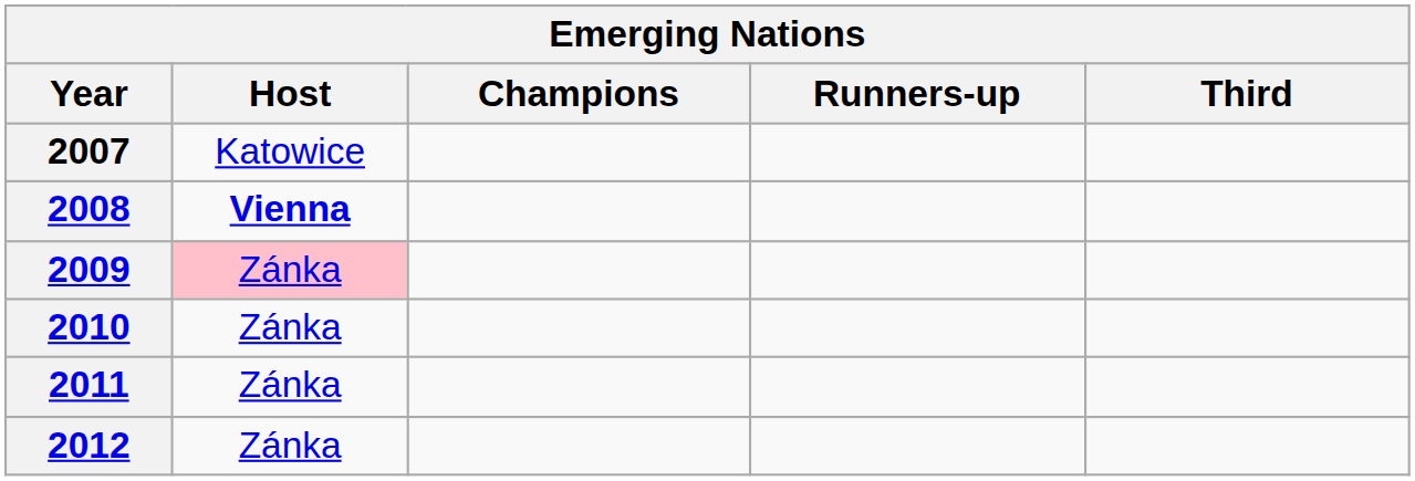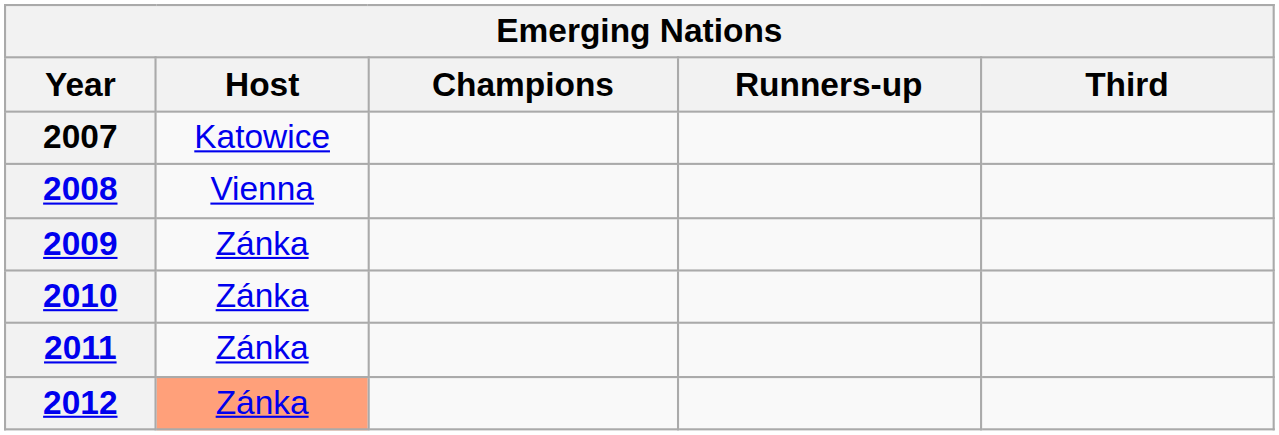 <table class="wikitable centre" style="text-align:center;">
 <tr>
 <th colspan="5">Emerging Nations</th>
 </tr>
 <tr>
 <th scope="col" style="width:70px;">Year</th>
 <th scope="col" style="width:100px;">Host</th>
 <th scope="col" style="width:150px;">Champions</th>
 <th scope="col" style="width:150px;">Runners-up</th>
 <th scope="col" style="width:150px;">Third</th>
 </tr>
 <tr>
 <th>2007</th>
 <td> <a href='#'>Katowice</a></td>
 <td><strong></strong></td>
 <td></td>
 <td></td>
 </tr>
 <tr>
 <th><a href='#'>2008</a></th>
-<td><strong> <a href='#'>Vienna</a></strong></td>
+<td> <a href='#'>Vienna</a></td>
 <td><strong></strong></td>
 <td></td>
 <td></td>
 </tr>
 <tr>
 <th><a href='#'>2009</a></th>
-<td style="background: pink;"> <a href='#'>Zánka</a></td>
+<td> <a href='#'>Zánka</a></td>
 <td><strong></strong></td>
 <td></td>
 <td></td>
 </tr>
 <tr>
 <th><a href='#'>2010</a></th>
 <td> <a href='#'>Zánka</a></td>
 <td><strong></strong></td>
 <td></td>
 <td></td>
 </tr>
 <tr>
 <th><a href='#'>2011</a></th>
 <td> <a href='#'>Zánka</a></td>
 <td><strong></strong></td>
 <td></td>
 <td></td>
 </tr>
 <tr>
 <th><a href='#'>2012</a></th>
-<td> <a href='#'>Zánka</a></td>
+<td style="background: lightsalmon;"> <a href='#'>Zánka</a></td>
 <td><strong></strong></td>
 <td></td>
 <td></td>
 </tr>
 </table>
